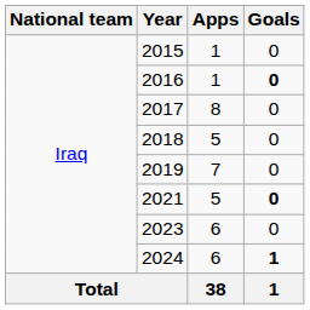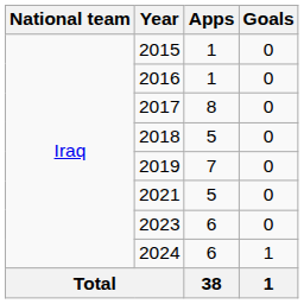 <table class=wikitable style=text-align:center>
 <tr>
 <th>National team</th>
 <th>Year</th>
 <th>Apps</th>
 <th>Goals</th>
 </tr>
 <tr>
 <td rowspan="8"><a href='#'>Iraq</a></td>
 <td>2015</td>
 <td>1</td>
 <td>0</td>
 </tr>
 <tr>
 <td>2016</td>
 <td>1</td>
-<td><strong>0</strong></td>
+<td>0</td>
 </tr>
 <tr>
 <td>2017</td>
 <td>8</td>
 <td>0</td>
 </tr>
 <tr>
 <td>2018</td>
 <td>5</td>
 <td>0</td>
 </tr>
 <tr>
 <td>2019</td>
 <td>7</td>
 <td>0</td>
 </tr>
 <tr>
 <td>2021</td>
 <td>5</td>
-<td><strong>0</strong></td>
+<td>0</td>
 </tr>
 <tr>
 <td>2023</td>
 <td>6</td>
 <td>0</td>
 </tr>
 <tr>
 <td>2024</td>
 <td>6</td>
-<td><strong>1</strong></td>
+<td>1</td>
 </tr>
 <tr>
 <th colspan="2">Total</th>
 <th>38</th>
 <th>1</th>
 </tr>
 </table>
